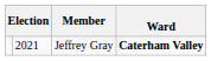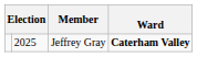 <table class="wikitable">
 <tr>
 <th colspan="2">Election</th>
 <th>Member</th>
 <th><br>Ward</th>
 </tr>
 <tr>
 <td style="background-color: "></td>
-<td>2021</td>
+<td>2025</td>
 <td>Jeffrey Gray</td>
 <td><strong>Caterham Valley</strong></td>
 </tr>
 </table>
